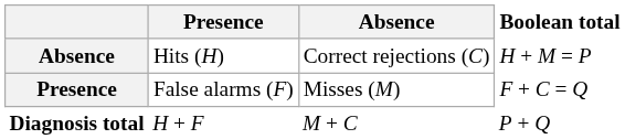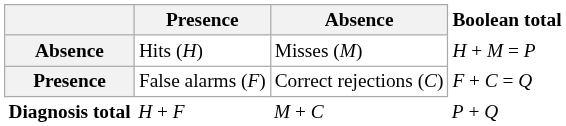 <table class="wikitable" style="background:transparent; border:none;">
 <tr>
 <th></th>
 <th>Presence</th>
 <th>Absence</th>
 <th style="background:transparent; border:none;">Boolean total</th>
 </tr>
 <tr>
 <th>Absence</th>
 <td>Hits (<em>H</em>)</td>
-<td>Correct rejections (<em>C</em>)</td>
+<td>Misses (<em>M</em>)</td>
 <td style="background:transparent; border:none;"><em>H</em> + <em>M</em> = <em>P</em></td>
 </tr>
 <tr>
 <th>Presence</th>
 <td>False alarms (<em>F</em>)</td>
-<td>Misses (<em>M</em>)</td>
+<td>Correct rejections (<em>C</em>)</td>
 <td style="background:transparent; border:none;"><em>F</em> + <em>C</em> = <em>Q</em></td>
 </tr>
 <tr>
 <th style="background:transparent; border:none;">Diagnosis total</th>
 <td style="background:transparent; border:none;"><em>H</em> + <em>F</em></td>
 <td style="background:transparent; border:none;"><em>M</em> + <em>C</em></td>
 <td style="background:transparent; border:none;"><em>P</em> + <em>Q</em></td>
 </tr>
 </table>
